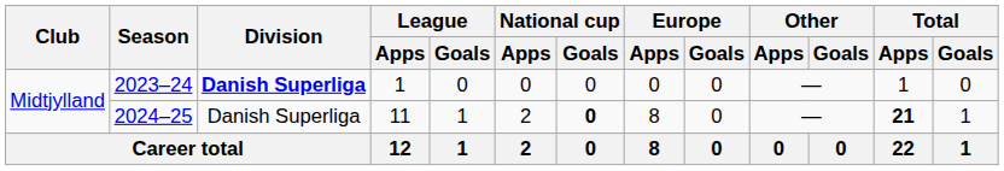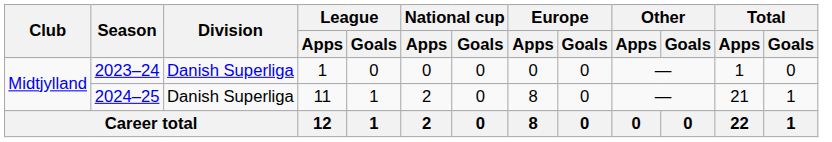 <table class="wikitable" style="text-align: center">
 <tr>
 <th rowspan="2">Club</th>
 <th rowspan="2">Season</th>
 <th rowspan="2">Division</th>
 <th colspan="2">League</th>
 <th colspan="2">National cup</th>
 <th colspan="2">Europe</th>
 <th colspan="2">Other</th>
 <th colspan="2">Total</th>
 </tr>
 <tr>
 <th>Apps</th>
 <th>Goals</th>
 <th>Apps</th>
 <th>Goals</th>
 <th>Apps</th>
 <th>Goals</th>
 <th>Apps</th>
 <th>Goals</th>
 <th>Apps</th>
 <th>Goals</th>
 </tr>
 <tr>
 <td rowspan="2"><a href='#'>Midtjylland</a></td>
 <td><a href='#'>2023–24</a></td>
-<td><strong><a href='#'>Danish Superliga</a></strong></td>
+<td><a href='#'>Danish Superliga</a></td>
 <td>1</td>
 <td>0</td>
 <td>0</td>
 <td>0</td>
 <td>0</td>
 <td>0</td>
 <td colspan="2">—</td>
 <td>1</td>
 <td>0</td>
 </tr>
 <tr>
 <td><a href='#'>2024–25</a></td>
 <td>Danish Superliga</td>
 <td>11</td>
 <td>1</td>
 <td>2</td>
-<td><strong>0</strong></td>
+<td>0</td>
 <td>8</td>
 <td>0</td>
 <td colspan="2">—</td>
-<td><strong>21</strong></td>
+<td>21</td>
 <td>1</td>
 </tr>
 <tr>
 <th colspan="3">Career total</th>
 <th>12</th>
 <th>1</th>
 <th>2</th>
 <th>0</th>
 <th>8</th>
 <th>0</th>
 <th>0</th>
 <th>0</th>
 <th>22</th>
 <th>1</th>
 </tr>
 </table>
